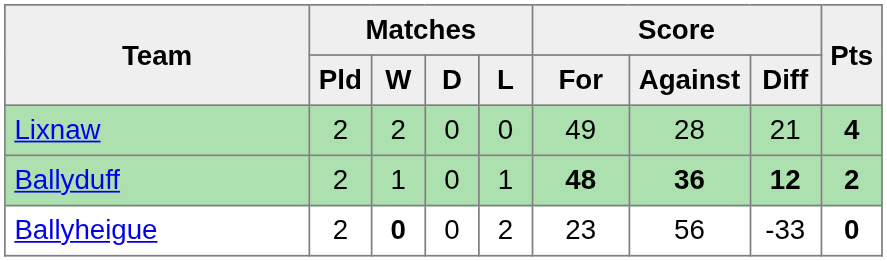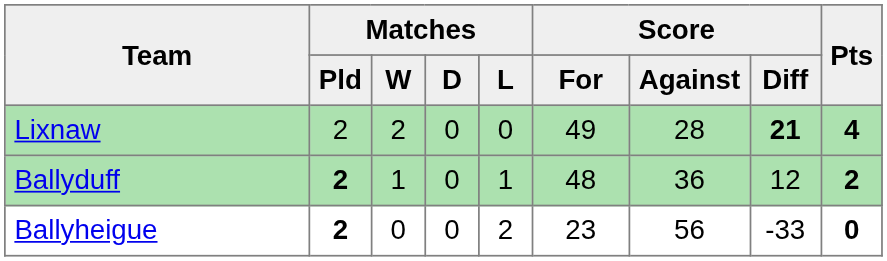 <table style=border-collapse:collapse border=1 cellspacing=0 cellpadding=5>
 <tr align=center bgcolor=#efefef>
 <th rowspan=2 width=165>Team</th>
 <th colspan=4>Matches</th>
 <th colspan=3>Score</th>
 <th rowspan=2width=20>Pts</th>
 </tr>
 <tr align=center bgcolor=#efefef>
 <th width=20>Pld</th>
 <th width=20>W</th>
 <th width=20>D</th>
 <th width=20>L</th>
 <th width=45>For</th>
 <th width=45>Against</th>
 <th width=30>Diff</th>
 </tr>
 <tr align=center style="background:#ACE1AF;">
 <td style="text-align:left;"><a href='#'>Lixnaw</a></td>
 <td>2</td>
 <td>2</td>
 <td>0</td>
 <td>0</td>
 <td>49</td>
 <td>28</td>
-<td>21</td>
+<td><strong>21</strong></td>
 <td><strong>4</strong></td>
 </tr>
 <tr align=center style="background:#ACE1AF;">
 <td style="text-align:left;"><a href='#'>Ballyduff</a></td>
-<td>2</td>
+<td><strong>2</strong></td>
 <td>1</td>
 <td>0</td>
 <td>1</td>
-<td><strong>48</strong></td>
-<td><strong>36</strong></td>
-<td><strong>12</strong></td>
+<td>48</td>
+<td>36</td>
+<td>12</td>
 <td><strong>2</strong></td>
 </tr>
 <tr align=center>
 <td style="text-align:left;"><a href='#'>Ballyheigue</a></td>
-<td>2</td>
-<td><strong>0</strong></td>
+<td><strong>2</strong></td>
+<td>0</td>
 <td>0</td>
 <td>2</td>
 <td>23</td>
 <td>56</td>
 <td>-33</td>
 <td><strong>0</strong></td>
 </tr>
 </table>
